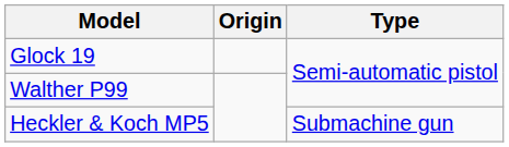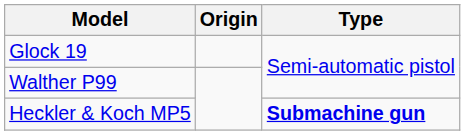 <table class="wikitable">
 <tr>
 <th>Model</th>
 <th>Origin</th>
 <th>Type</th>
 </tr>
 <tr>
 <td><a href='#'>Glock 19</a></td>
 <td></td>
 <td rowspan="2"><a href='#'>Semi-automatic pistol</a></td>
 </tr>
 <tr>
 <td><a href='#'>Walther P99</a></td>
 <td rowspan="2"></td>
 </tr>
 <tr>
 <td><a href='#'>Heckler & Koch MP5</a></td>
-<td><a href='#'>Submachine gun</a></td>
+<td><strong><a href='#'>Submachine gun</a></strong></td>
 </tr>
 </table>
